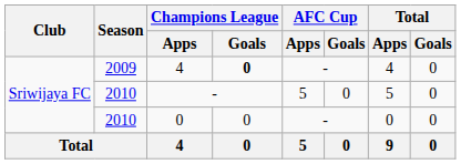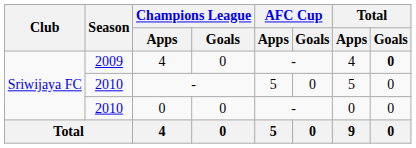 <table class="wikitable" style="font-size:90%; text-align:center;">
 <tr>
 <th rowspan="2">Club</th>
 <th rowspan="2">Season</th>
 <th colspan="2"><a href='#'>Champions League</a></th>
 <th colspan="2"><a href='#'>AFC Cup</a></th>
 <th colspan="2">Total</th>
 </tr>
 <tr>
 <th>Apps</th>
 <th>Goals</th>
 <th>Apps</th>
 <th>Goals</th>
 <th>Apps</th>
 <th>Goals</th>
 </tr>
 <tr>
 <td rowspan="3"><a href='#'>Sriwijaya FC</a></td>
 <td><a href='#'>2009</a></td>
 <td>4</td>
-<td><strong>0</strong></td>
+<td>0</td>
 <td colspan="2">-</td>
 <td>4</td>
-<td>0</td>
+<td><strong>0</strong></td>
 </tr>
 <tr>
 <td><a href='#'>2010</a></td>
 <td colspan="2">-</td>
 <td>5</td>
 <td>0</td>
 <td>5</td>
 <td>0</td>
 </tr>
 <tr>
 <td><a href='#'>2010</a></td>
 <td>0</td>
 <td>0</td>
 <td colspan="2">-</td>
 <td>0</td>
 <td>0</td>
 </tr>
 <tr>
 <th colspan="2">Total</th>
 <th>4</th>
 <th>0</th>
 <th>5</th>
 <th>0</th>
 <th>9</th>
 <th>0</th>
 </tr>
 </table>
